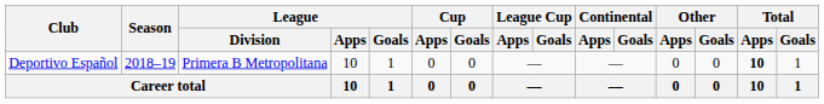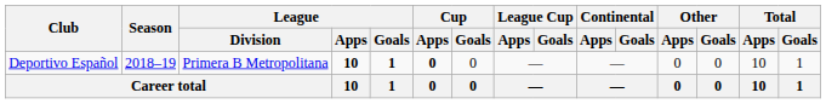 <table class="wikitable" style="text-align:center">
 <tr>
 <th rowspan="2">Club</th>
 <th rowspan="2">Season</th>
 <th colspan="3">League</th>
 <th colspan="2">Cup</th>
 <th colspan="2">League Cup</th>
 <th colspan="2">Continental</th>
 <th colspan="2">Other</th>
 <th colspan="2">Total</th>
 </tr>
 <tr>
 <th>Division</th>
 <th>Apps</th>
 <th>Goals</th>
 <th>Apps</th>
 <th>Goals</th>
 <th>Apps</th>
 <th>Goals</th>
 <th>Apps</th>
 <th>Goals</th>
 <th>Apps</th>
 <th>Goals</th>
 <th>Apps</th>
 <th>Goals</th>
 </tr>
 <tr>
 <td rowspan="1"><a href='#'>Deportivo Español</a></td>
 <td><a href='#'>2018–19</a></td>
 <td rowspan="1"><a href='#'>Primera B Metropolitana</a></td>
-<td>10</td>
-<td>1</td>
-<td>0</td>
+<td><strong>10</strong></td>
+<td><strong>1</strong></td>
+<td><strong>0</strong></td>
 <td>0</td>
 <td colspan="2">—</td>
 <td colspan="2">—</td>
 <td>0</td>
 <td>0</td>
-<td><strong>10</strong></td>
+<td>10</td>
 <td>1</td>
 </tr>
 <tr>
 <th colspan="3">Career total</th>
 <th>10</th>
 <th>1</th>
 <th>0</th>
 <th>0</th>
 <th colspan="2">—</th>
 <th colspan="2">—</th>
 <th>0</th>
 <th>0</th>
 <th>10</th>
 <th>1</th>
 </tr>
 </table>
